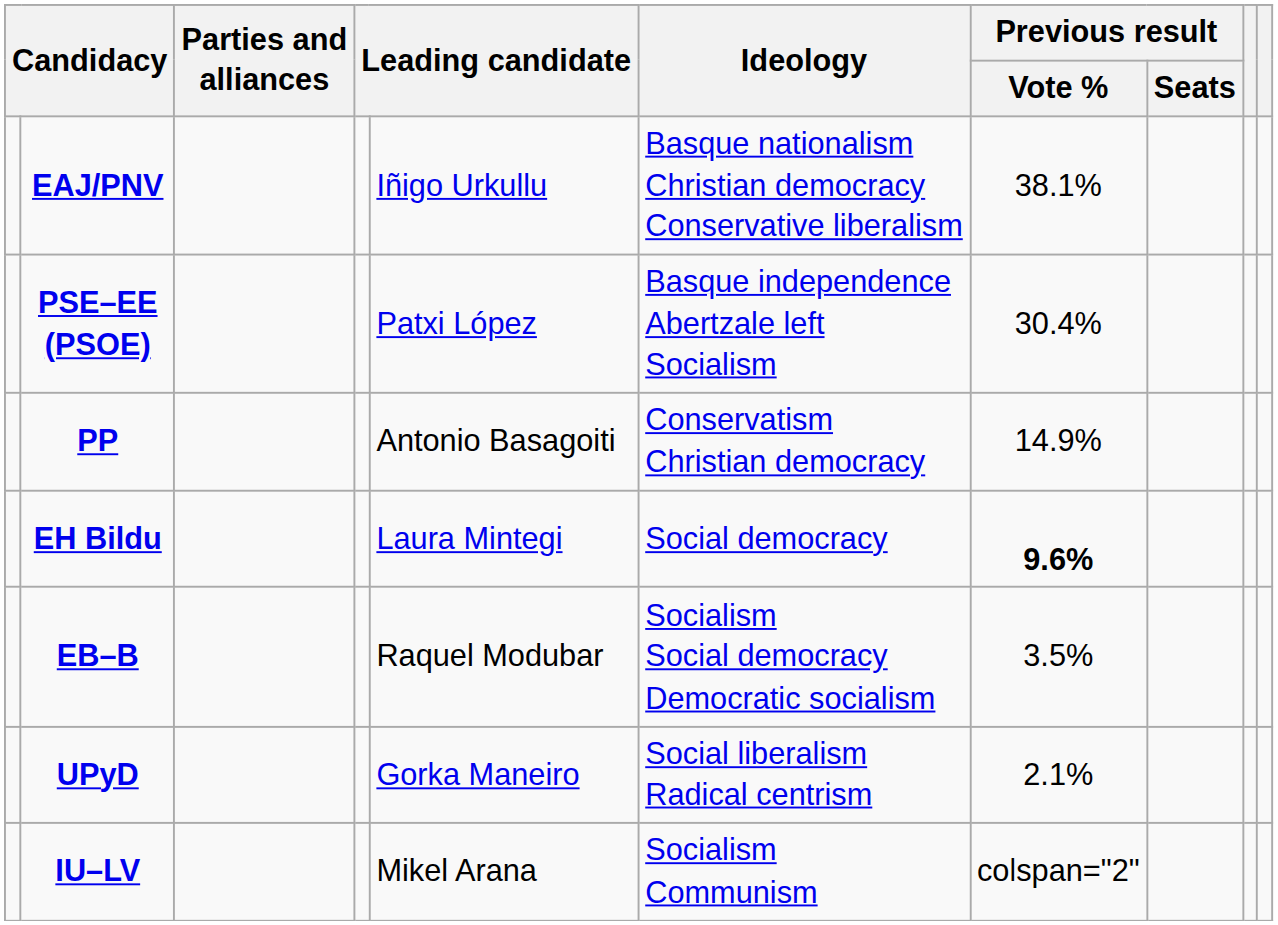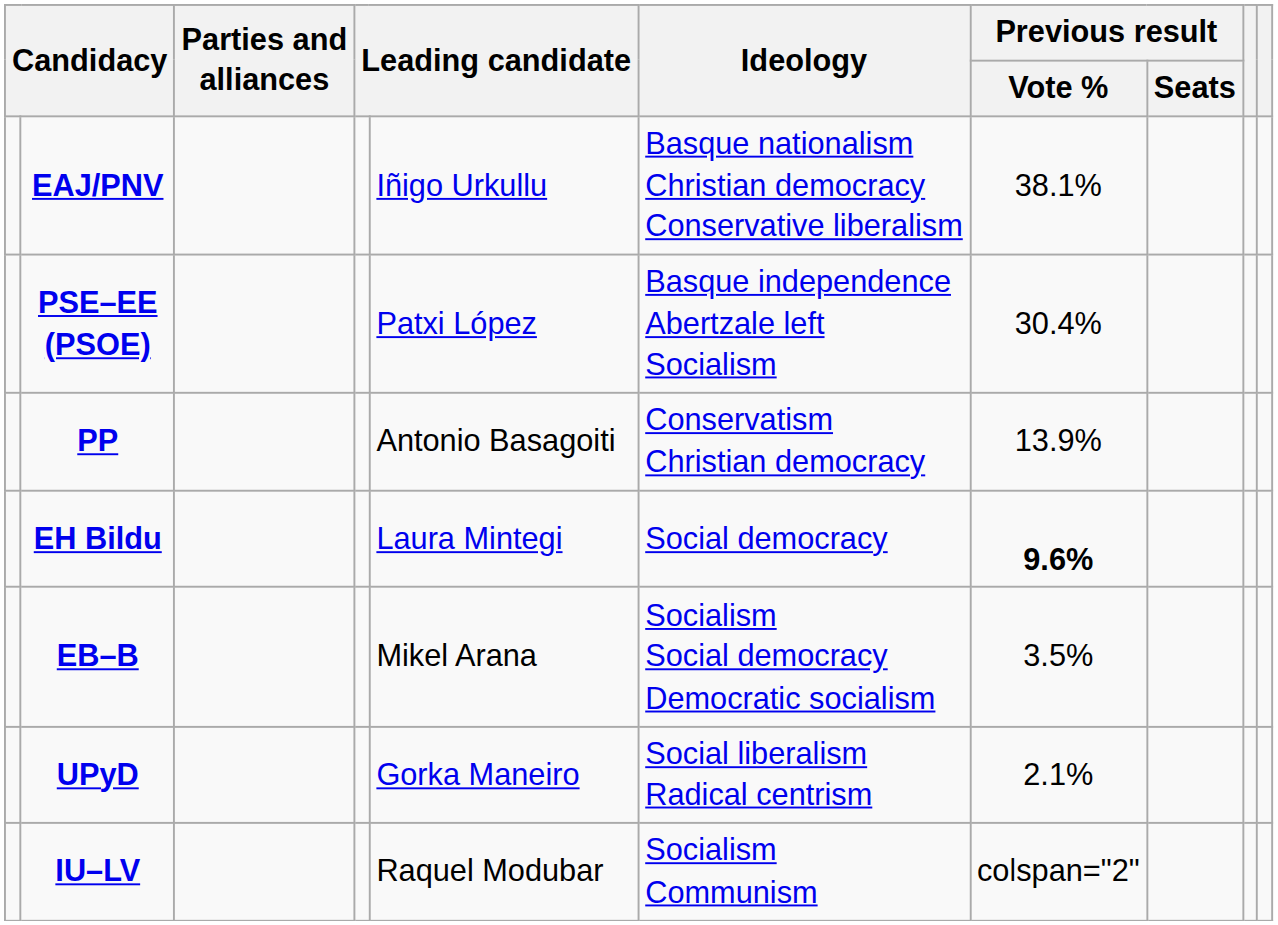 <table class="wikitable" style="line-height:1.35em; text-align:left;">
 <tr>
 <th colspan="2" rowspan="2">Candidacy</th>
 <th rowspan="2">Parties and<br>alliances</th>
 <th colspan="2" rowspan="2">Leading candidate</th>
 <th rowspan="2">Ideology</th>
 <th colspan="2">Previous result</th>
 <th rowspan="2"></th>
 <th rowspan="2"></th>
 </tr>
 <tr>
 <th>Vote %</th>
 <th>Seats</th>
 </tr>
 <tr>
 <td width="1" style="color:inherit;background:"></td>
 <td align="center"><strong><a href='#'>EAJ/PNV</a></strong></td>
 <td></td>
 <td></td>
 <td><a href='#'>Iñigo Urkullu</a></td>
 <td><a href='#'>Basque nationalism</a><br><a href='#'>Christian democracy</a><br><a href='#'>Conservative liberalism</a></td>
 <td align="center">38.1%</td>
 <td></td>
 <td></td>
 <td></td>
 </tr>
 <tr>
 <td style="color:inherit;background:"></td>
 <td align="center"><strong><a href='#'>PSE–EE<br>(PSOE)</a></strong></td>
 <td></td>
 <td></td>
 <td><a href='#'>Patxi López</a></td>
 <td><a href='#'>Basque independence</a><br><a href='#'>Abertzale left</a><br><a href='#'>Socialism</a></td>
 <td align="center">30.4%</td>
 <td></td>
 <td></td>
 <td></td>
 </tr>
 <tr>
 <td style="color:inherit;background:"></td>
 <td align="center"><strong><a href='#'>PP</a></strong></td>
 <td></td>
 <td></td>
 <td>Antonio Basagoiti</td>
 <td><a href='#'>Conservatism</a><br><a href='#'>Christian democracy</a></td>
-<td align="center">14.9%</td>
+<td align="center">13.9%</td>
 <td></td>
 <td></td>
 <td></td>
 </tr>
 <tr>
 <td style="color:inherit;background:"></td>
 <td align="center"><strong><a href='#'>EH Bildu</a></strong></td>
 <td></td>
 <td></td>
 <td><a href='#'>Laura Mintegi</a></td>
 <td><a href='#'>Social democracy</a></td>
 <td align="center"><strong><br>9.6%<br></strong></td>
 <td></td>
 <td></td>
 <td><br></td>
 </tr>
 <tr>
 <td style="color:inherit;background:"></td>
 <td align="center"><strong><a href='#'>EB–B</a></strong></td>
 <td></td>
 <td></td>
-<td>Raquel Modubar</td>
+<td>Mikel Arana</td>
 <td><a href='#'>Socialism</a><br><a href='#'>Social democracy</a><br><a href='#'>Democratic socialism</a></td>
 <td align="center">3.5%</td>
 <td></td>
 <td></td>
 <td></td>
 </tr>
 <tr>
 <td style="color:inherit;background:"></td>
 <td align="center"><strong><a href='#'>UPyD</a></strong></td>
 <td></td>
 <td></td>
 <td><a href='#'>Gorka Maneiro</a></td>
 <td><a href='#'>Social liberalism</a><br><a href='#'>Radical centrism</a></td>
 <td align="center">2.1%</td>
 <td></td>
 <td></td>
 <td></td>
 </tr>
 <tr>
 <td style="color:inherit;background:"></td>
 <td align="center"><strong><a href='#'>IU–LV</a></strong></td>
 <td></td>
 <td></td>
-<td>Mikel Arana</td>
+<td>Raquel Modubar</td>
 <td><a href='#'>Socialism</a><br><a href='#'>Communism</a></td>
 <td>colspan="2" </td>
 <td></td>
 <td><br><br></td>
 </tr>
 </table>
